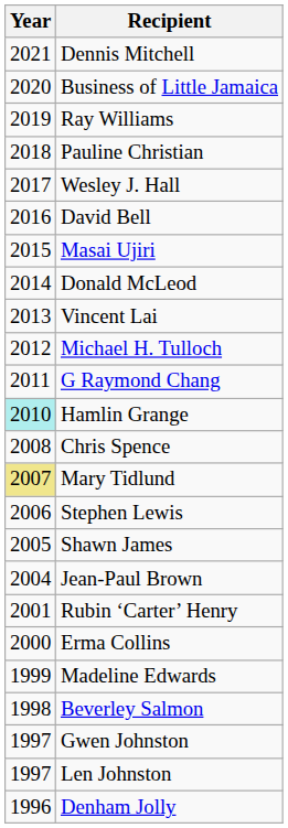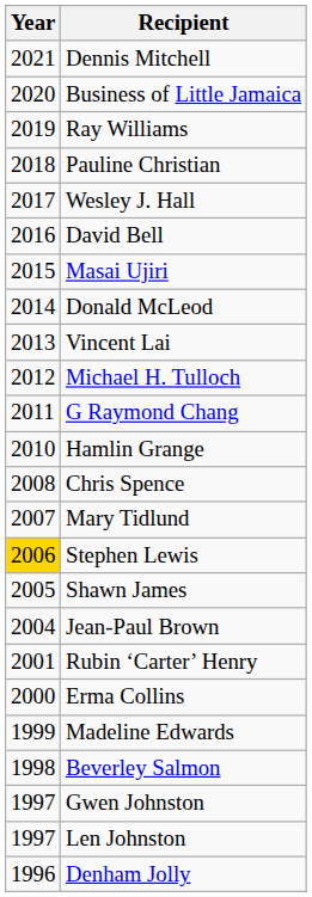 <table class="wikitable sortable">
 <tr>
 <th>Year</th>
 <th>Recipient</th>
 </tr>
 <tr>
 <td>2021</td>
 <td>Dennis Mitchell</td>
 </tr>
 <tr>
 <td>2020</td>
 <td>Business of <a href='#'>Little Jamaica</a></td>
 </tr>
 <tr>
 <td>2019</td>
 <td>Ray Williams</td>
 </tr>
 <tr>
 <td>2018</td>
 <td>Pauline Christian</td>
 </tr>
 <tr>
 <td>2017</td>
 <td>Wesley J. Hall</td>
 </tr>
 <tr>
 <td>2016</td>
 <td>David Bell</td>
 </tr>
 <tr>
 <td>2015</td>
 <td><a href='#'>Masai Ujiri</a></td>
 </tr>
 <tr>
 <td>2014</td>
 <td>Donald McLeod</td>
 </tr>
 <tr>
 <td>2013</td>
 <td>Vincent Lai</td>
 </tr>
 <tr>
 <td>2012</td>
 <td><a href='#'>Michael H. Tulloch</a></td>
 </tr>
 <tr>
 <td>2011</td>
 <td><a href='#'>G Raymond Chang</a></td>
 </tr>
 <tr>
-<td style="background: paleturquoise;">2010</td>
+<td>2010</td>
 <td>Hamlin Grange</td>
 </tr>
 <tr>
 <td>2008</td>
 <td>Chris Spence</td>
 </tr>
 <tr>
-<td style="background: khaki;">2007</td>
+<td>2007</td>
 <td>Mary Tidlund</td>
 </tr>
 <tr>
-<td>2006</td>
+<td style="background: gold;">2006</td>
 <td>Stephen Lewis</td>
 </tr>
 <tr>
 <td>2005</td>
 <td>Shawn James</td>
 </tr>
 <tr>
 <td>2004</td>
 <td>Jean-Paul Brown</td>
 </tr>
 <tr>
 <td>2001</td>
 <td>Rubin ‘Carter’ Henry</td>
 </tr>
 <tr>
 <td>2000</td>
 <td>Erma Collins</td>
 </tr>
 <tr>
 <td>1999</td>
 <td>Madeline Edwards</td>
 </tr>
 <tr>
 <td>1998</td>
 <td><a href='#'>Beverley Salmon</a></td>
 </tr>
 <tr>
 <td>1997</td>
 <td>Gwen Johnston</td>
 </tr>
 <tr>
 <td>1997</td>
 <td>Len Johnston</td>
 </tr>
 <tr>
 <td>1996</td>
 <td><a href='#'>Denham Jolly</a></td>
 </tr>
 </table>
